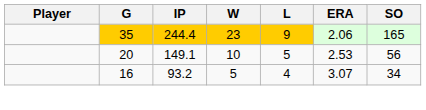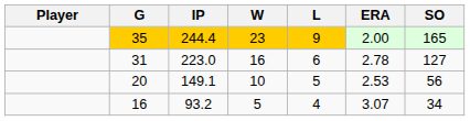 <table class="wikitable sortable">
 <tr>
 <th bgcolor="#DDDDFF" width="16%">Player</th>
 <th bgcolor="#DDDDFF" width="9%">G</th>
 <th bgcolor="#DDDDFF" width="9%">IP</th>
 <th bgcolor="#DDDDFF" width="9%">W</th>
 <th bgcolor="#DDDDFF" width="9%">L</th>
 <th bgcolor="#DDDDFF" width="9%">ERA</th>
 <th bgcolor="#DDDDFF" width="9%">SO</th>
 </tr>
 <tr align="center">
 <td></td>
 <td style="background:#fc0;">35</td>
 <td style="background:#fc0;">244.4</td>
 <td style="background:#fc0;">23</td>
 <td style="background:#fc0;">9</td>
-<td style="background:#DDFFDD;">2.06</td>
+<td style="background:#DDFFDD;">2.00</td>
 <td style="background:#DDFFDD;">165</td>
+</tr>
+<tr align=center>
+<td></td>
+<td>31</td>
+<td>223.0</td>
+<td>16</td>
+<td>6</td>
+<td>2.78</td>
+<td>127</td>
 </tr>
 <tr align="center">
 <td></td>
 <td>20</td>
 <td>149.1</td>
 <td>10</td>
 <td>5</td>
 <td>2.53</td>
 <td>56</td>
 </tr>
 <tr align="center">
 <td></td>
 <td>16</td>
 <td>93.2</td>
 <td>5</td>
 <td>4</td>
 <td>3.07</td>
 <td>34</td>
 </tr>
 </table>
